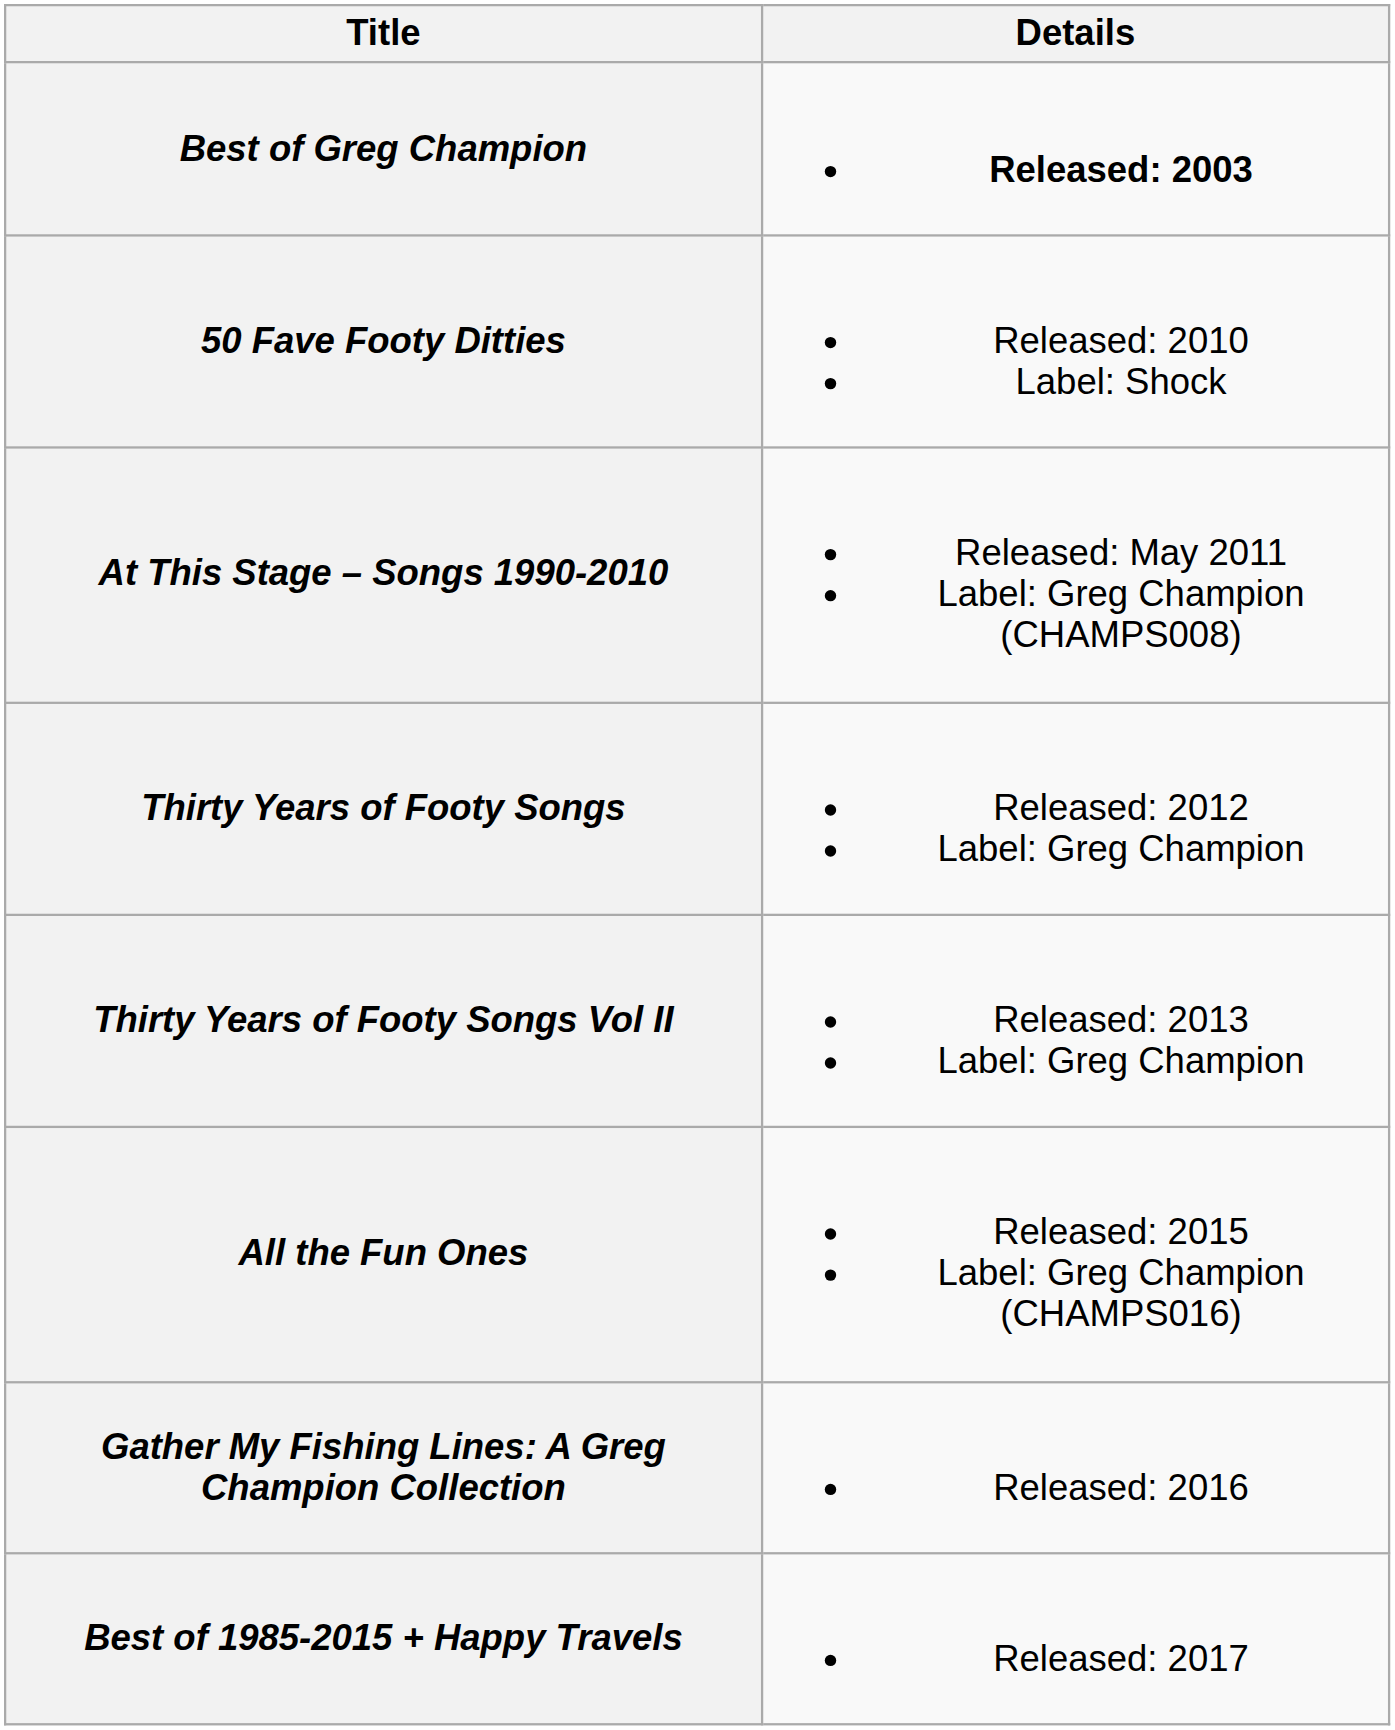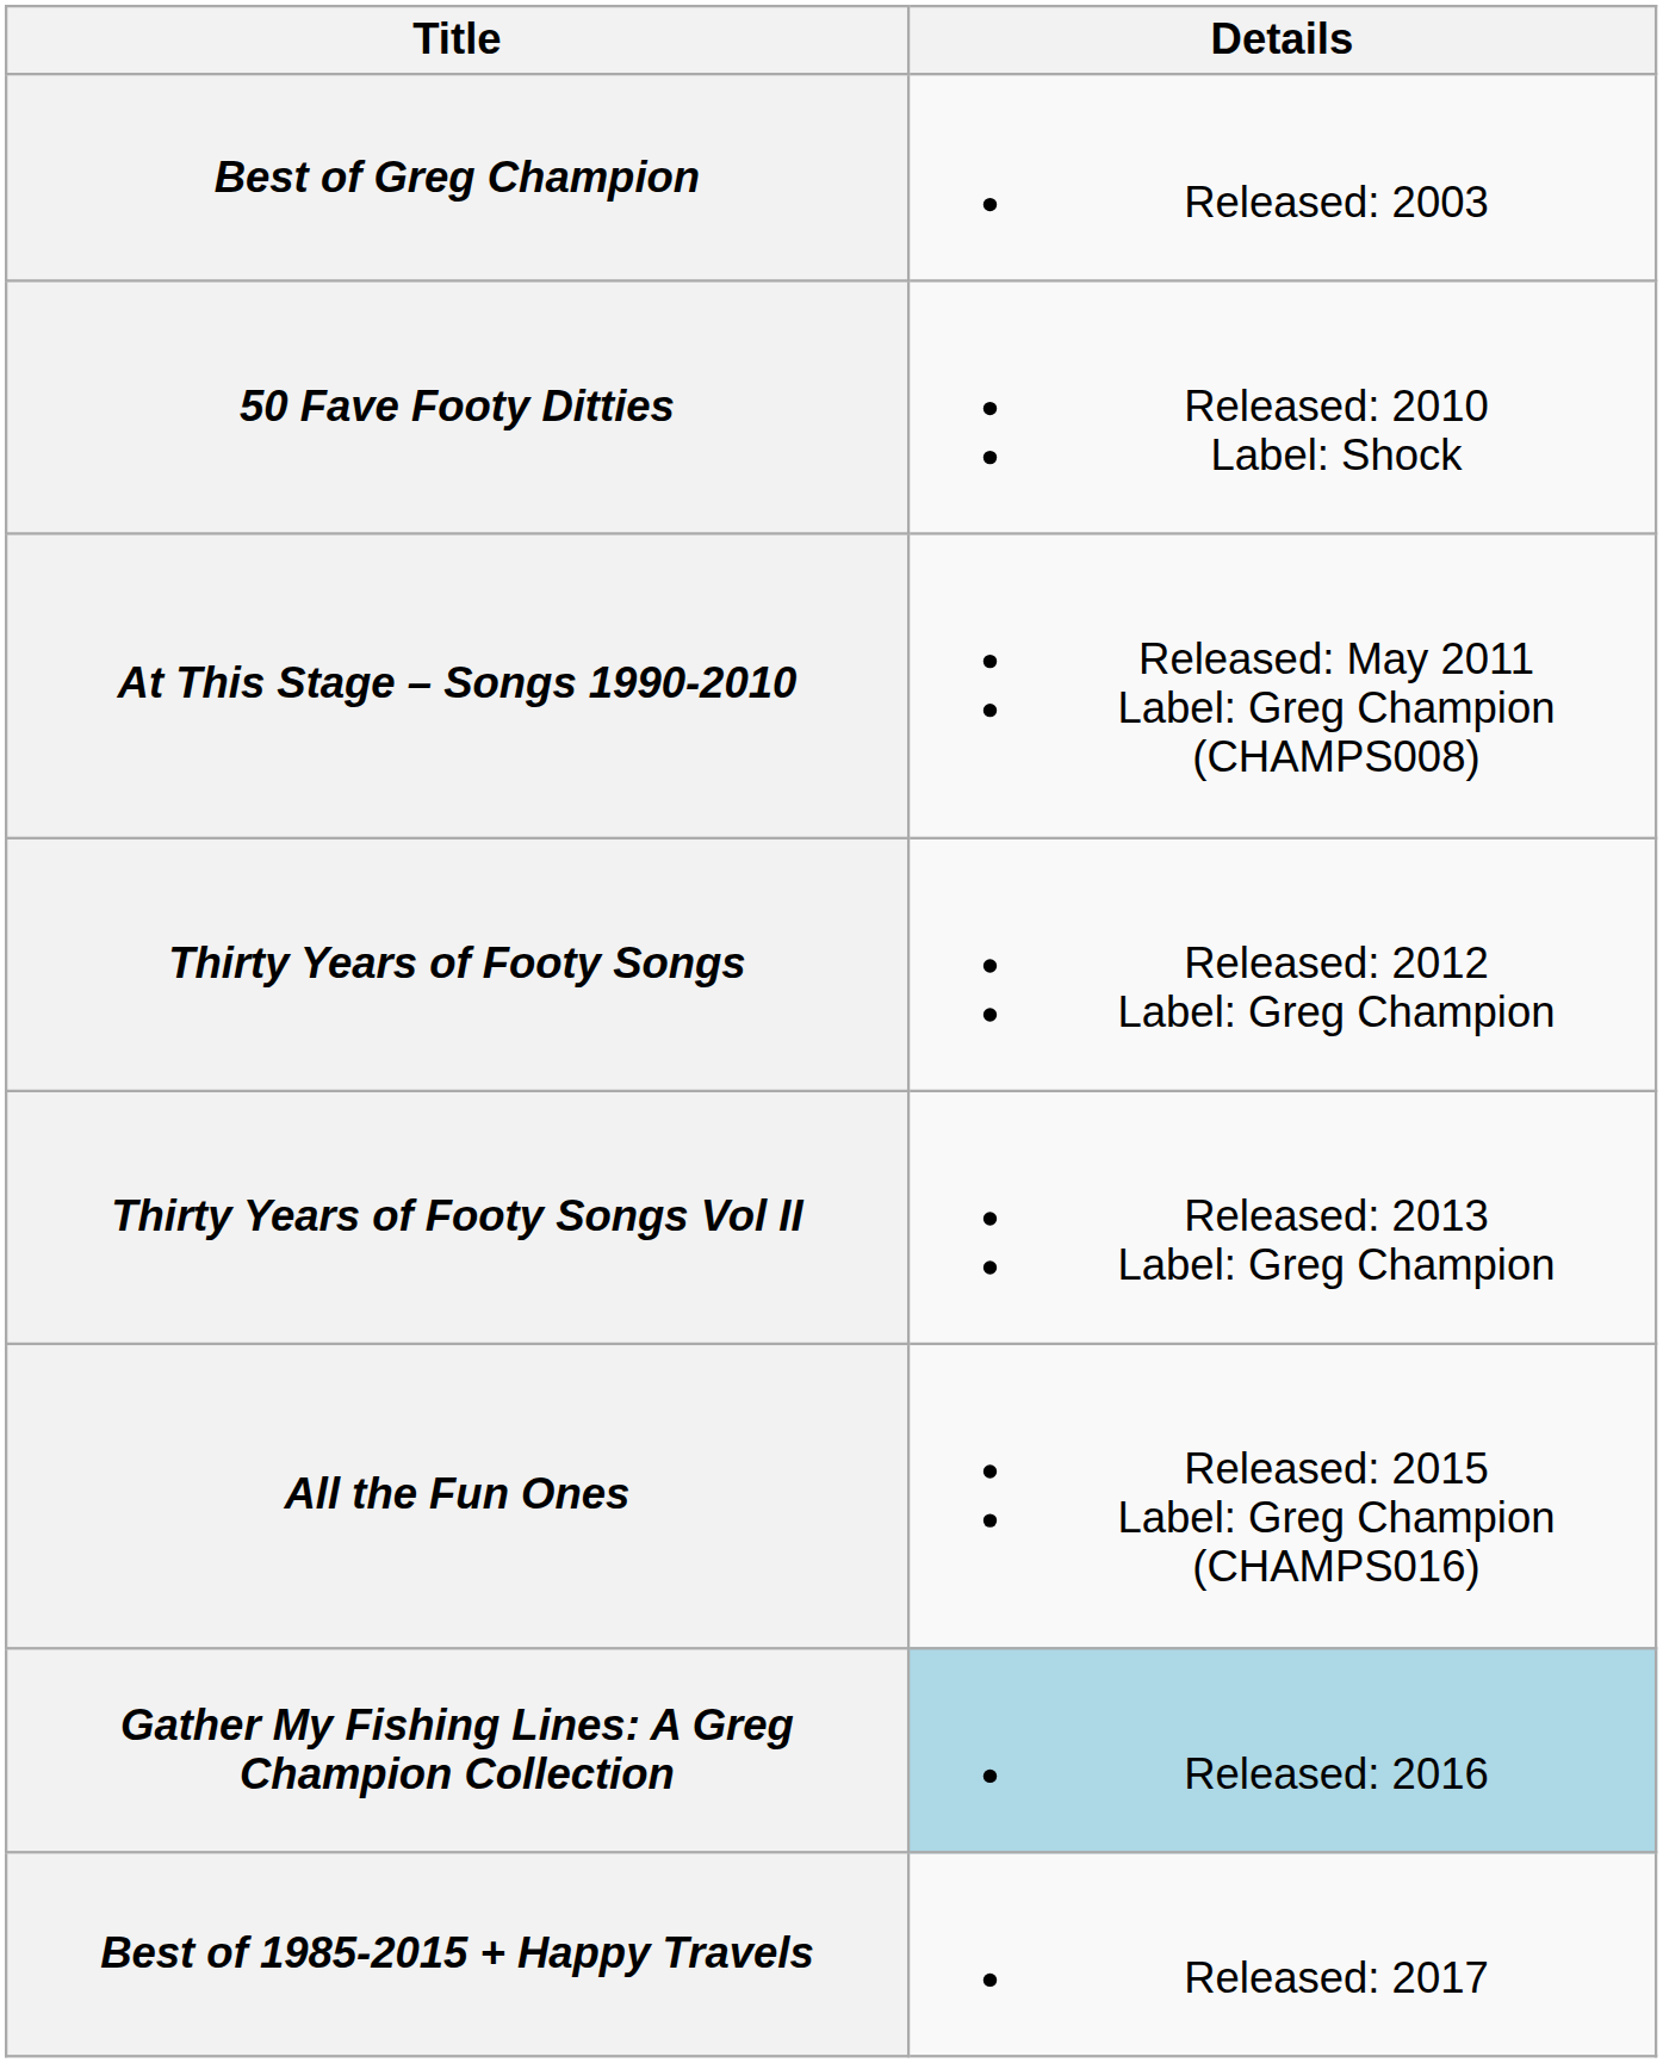 <table class="wikitable plainrowheaders" style="text-align:center;" border="1">
 <tr>
 <th scope="col">Title</th>
 <th scope="col">Details</th>
 </tr>
 <tr>
 <th scope="row"><em>Best of Greg Champion</em></th>
-<td><strong><br><ul><li>Released: 2003</li></ul></strong></td>
+<td><br><ul><li>Released: 2003</li></ul></td>
 </tr>
 <tr>
 <th scope="row"><em>50 Fave Footy Ditties</em></th>
 <td><br><ul><li>Released: 2010</li><li>Label: Shock</li></ul></td>
 </tr>
 <tr>
 <th scope="row"><em>At This Stage – Songs 1990-2010 </em></th>
 <td><br><ul><li>Released: May 2011</li><li>Label: Greg Champion (CHAMPS008)</li></ul></td>
 </tr>
 <tr>
 <th scope="row"><em>Thirty Years of Footy Songs </em></th>
 <td><br><ul><li>Released: 2012</li><li>Label: Greg Champion</li></ul></td>
 </tr>
 <tr>
 <th scope="row"><em>Thirty Years of Footy Songs Vol II</em></th>
 <td><br><ul><li>Released: 2013</li><li>Label: Greg Champion</li></ul></td>
 </tr>
 <tr>
 <th scope="row"><em>All the Fun Ones</em></th>
 <td><br><ul><li>Released: 2015</li><li>Label: Greg Champion (CHAMPS016)</li></ul></td>
 </tr>
 <tr>
 <th scope="row"><em>Gather My Fishing Lines: A Greg Champion Collection</em></th>
-<td><br><ul><li>Released: 2016</li></ul></td>
+<td style="background: lightblue;"><br><ul><li>Released: 2016</li></ul></td>
 </tr>
 <tr>
 <th scope="row"><em>Best of 1985-2015 + Happy Travels</em></th>
 <td><br><ul><li>Released: 2017</li></ul></td>
 </tr>
 </table>
